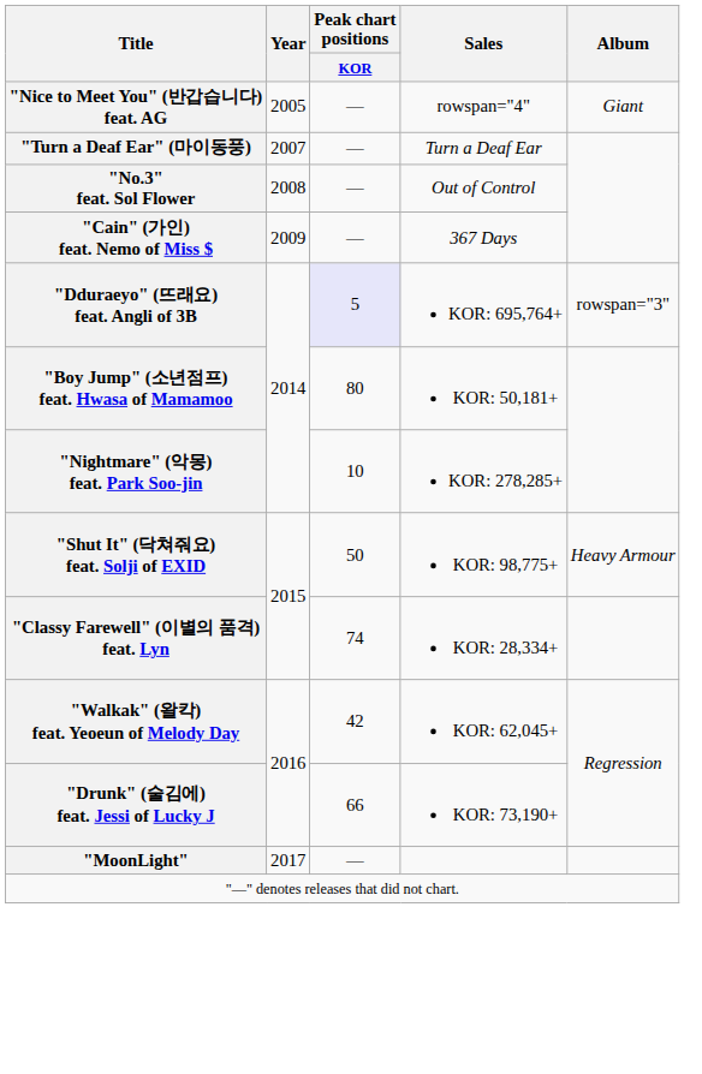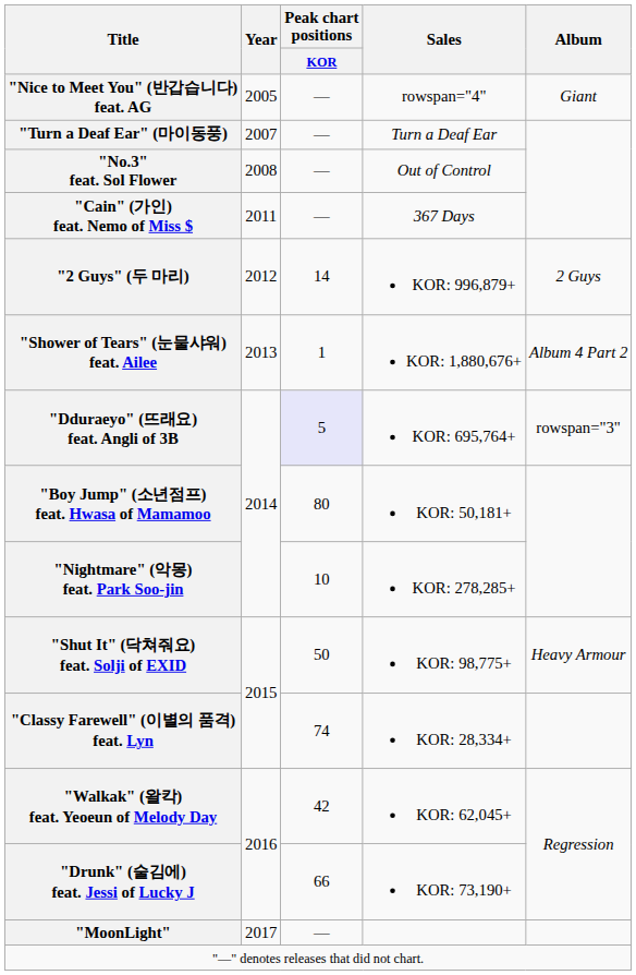 <table class="wikitable plainrowheaders" style="text-align:center;" border="1">
 <tr>
 <th scope="col" rowspan="2">Title</th>
 <th scope="col" rowspan="2">Year</th>
 <th scope="col" colspan="1">Peak chart <br> positions</th>
 <th scope="col" rowspan="2">Sales</th>
 <th scope="col" rowspan="2">Album</th>
 </tr>
 <tr>
 <th><small><a href='#'>KOR</a></small><br></th>
 </tr>
 <tr>
 <th scope="row">"Nice to Meet You" (반갑습니다) <br> feat. AG</th>
 <td>2005</td>
 <td>—</td>
 <td>rowspan="4" </td>
 <td><em>Giant</em></td>
 </tr>
 <tr>
 <th scope="row">"Turn a Deaf Ear" (마이동풍)</th>
 <td>2007</td>
 <td>—</td>
 <td><em>Turn a Deaf Ear</em></td>
 </tr>
 <tr>
 <th scope="row">"No.3" <br> feat. Sol Flower</th>
 <td>2008</td>
 <td>—</td>
 <td><em>Out of Control</em></td>
 </tr>
 <tr>
 <th scope="row">"Cain" (가인) <br> feat. Nemo of <a href='#'>Miss $</a></th>
-<td>2009</td>
+<td>2011</td>
 <td>—</td>
 <td><em>367 Days</em></td>
+</tr>
+<tr>
+<th scope="row">"2 Guys" (두 마리)</th>
+<td>2012</td>
+<td>14</td>
+<td><br><ul><li>KOR: 996,879+</li></ul></td>
+<td><em>2 Guys</em></td>
+</tr>
+<tr>
+<th scope="row">"Shower of Tears" (눈물샤워) <br> feat. <a href='#'>Ailee</a></th>
+<td>2013</td>
+<td>1</td>
+<td><br><ul><li>KOR: 1,880,676+</li></ul></td>
+<td><em>Album 4 Part 2</em></td>
 </tr>
 <tr>
 <th scope="row">"Dduraeyo" (뜨래요) <br> feat. Angli of 3B</th>
 <td rowspan="3">2014</td>
 <td style="background: lavender;">5</td>
 <td><br><ul><li>KOR: 695,764+</li></ul></td>
 <td>rowspan="3" </td>
 </tr>
 <tr>
 <th scope="row">"Boy Jump" (소년점프) <br> feat. <a href='#'>Hwasa</a> of <a href='#'>Mamamoo</a></th>
 <td>80</td>
 <td><br><ul><li>KOR: 50,181+</li></ul></td>
 </tr>
 <tr>
 <th scope="row">"Nightmare" (악몽) <br> feat. <a href='#'>Park Soo-jin</a></th>
 <td>10</td>
 <td><br><ul><li>KOR: 278,285+</li></ul></td>
 </tr>
 <tr>
 <th scope="row">"Shut It" (닥쳐줘요) <br> feat. <a href='#'>Solji</a> of <a href='#'>EXID</a></th>
 <td rowspan="2">2015</td>
 <td>50</td>
 <td><br><ul><li>KOR: 98,775+</li></ul></td>
 <td><em>Heavy Armour</em></td>
 </tr>
 <tr>
 <th scope="row">"Classy Farewell" (이별의 품격) <br> feat. <a href='#'>Lyn</a></th>
 <td>74</td>
 <td><br><ul><li>KOR: 28,334+</li></ul></td>
 <td></td>
 </tr>
 <tr>
 <th scope="row">"Walkak" (왈칵) <br> feat. Yeoeun of <a href='#'>Melody Day</a></th>
 <td rowspan="2">2016</td>
 <td>42</td>
 <td><br><ul><li>KOR: 62,045+</li></ul></td>
 <td rowspan="2"><em>Regression</em></td>
 </tr>
 <tr>
 <th scope="row">"Drunk" (술김에) <br> feat. <a href='#'>Jessi</a> of <a href='#'>Lucky J</a></th>
 <td>66</td>
 <td><br><ul><li>KOR: 73,190+</li></ul></td>
 </tr>
 <tr>
 <th scope="row">"MoonLight"</th>
 <td>2017</td>
 <td>—</td>
 <td></td>
 <td></td>
 </tr>
 <tr>
 <td colspan="5" align="center"><small>"—" denotes releases that did not chart.</small></td>
 </tr>
 </table>
